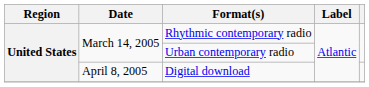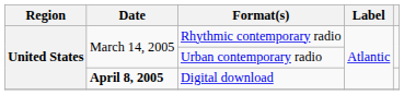 <table class="wikitable plainrowheaders">
 <tr>
 <th scope="col">Region</th>
 <th scope="col">Date</th>
 <th scope="col">Format(s)</th>
 <th scope="col">Label</th>
 <th scope="col"></th>
 </tr>
 <tr>
 <th scope="row" rowspan="3">United States</th>
 <td rowspan="2">March 14, 2005</td>
 <td><a href='#'>Rhythmic contemporary</a> radio</td>
 <td rowspan="3"><a href='#'>Atlantic</a></td>
 <td rowspan="2"></td>
 </tr>
 <tr>
 <td><a href='#'>Urban contemporary</a> radio</td>
 </tr>
 <tr>
-<td>April 8, 2005</td>
+<td><strong>April 8, 2005</strong></td>
 <td><a href='#'>Digital download</a></td>
 <td></td>
 </tr>
 <tr>
 </tr>
 </table>
